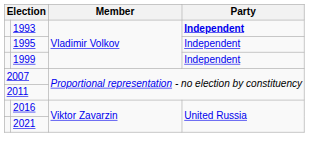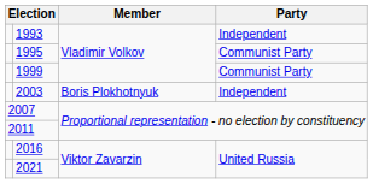 <table class="wikitable">
 <tr>
 <th colspan="2">Election</th>
 <th>Member</th>
 <th>Party</th>
 </tr>
 <tr>
 <td style="background-color:"></td>
 <td><a href='#'>1993</a></td>
 <td rowspan=3><a href='#'>Vladimir Volkov</a></td>
-<td><strong><a href='#'>Independent</a></strong></td>
+<td><a href='#'>Independent</a></td>
 </tr>
 <tr>
 <td style="background-color:"></td>
 <td><a href='#'>1995</a></td>
-<td><a href='#'>Independent</a></td>
+<td><a href='#'>Communist Party</a></td>
 </tr>
 <tr>
 <td style="background-color:"></td>
 <td><a href='#'>1999</a></td>
+<td><a href='#'>Communist Party</a></td>
+</tr>
+<tr>
+<td style="background-color:"></td>
+<td><a href='#'>2003</a></td>
+<td><a href='#'>Boris Plokhotnyuk</a></td>
 <td><a href='#'>Independent</a></td>
 </tr>
 <tr>
 <td colspan=2><a href='#'>2007</a></td>
 <td colspan=2 rowspan=2><em><a href='#'>Proportional representation</a> - no election by constituency</em></td>
 </tr>
 <tr>
 <td colspan=2><a href='#'>2011</a></td>
 </tr>
 <tr>
 <td style="background-color: "></td>
 <td><a href='#'>2016</a></td>
 <td rowspan=2><a href='#'>Viktor Zavarzin</a></td>
 <td rowspan=2><a href='#'>United Russia</a></td>
 </tr>
 <tr>
 <td style="background-color: "></td>
 <td><a href='#'>2021</a></td>
 </tr>
 </table>
